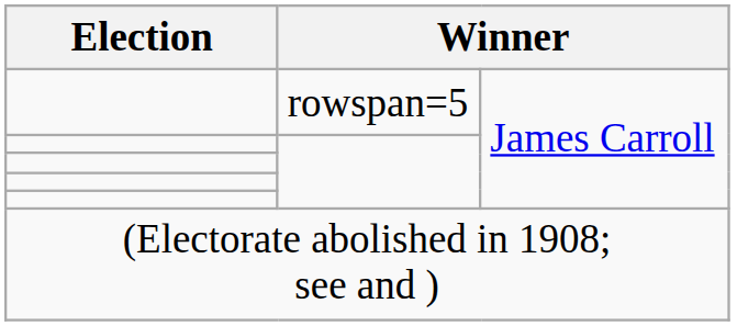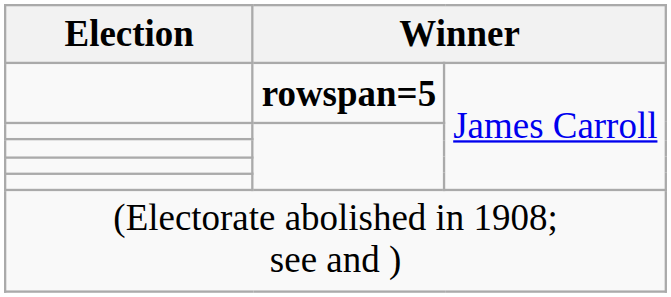 <table class=wikitable>
 <tr>
 <th width=100>Election</th>
 <th width=170 colspan=2>Winner</th>
 </tr>
 <tr>
 <td></td>
-<td>rowspan=5 </td>
+<td><strong>rowspan=5 </strong></td>
 <td rowspan=5><a href='#'>James Carroll</a></td>
 </tr>
 <tr>
 <td></td>
 </tr>
 <tr>
 <td></td>
 </tr>
 <tr>
 <td></td>
 </tr>
 <tr>
 <td></td>
 </tr>
 <tr>
 <td colspan=3 align=center><span>(Electorate abolished in 1908;<br>see  and )</span></td>
 </tr>
 </table>
